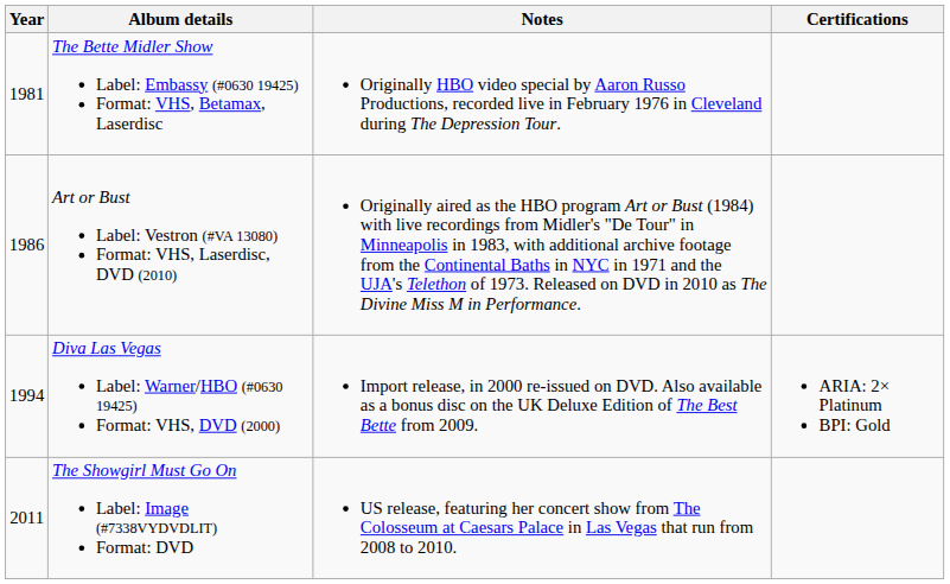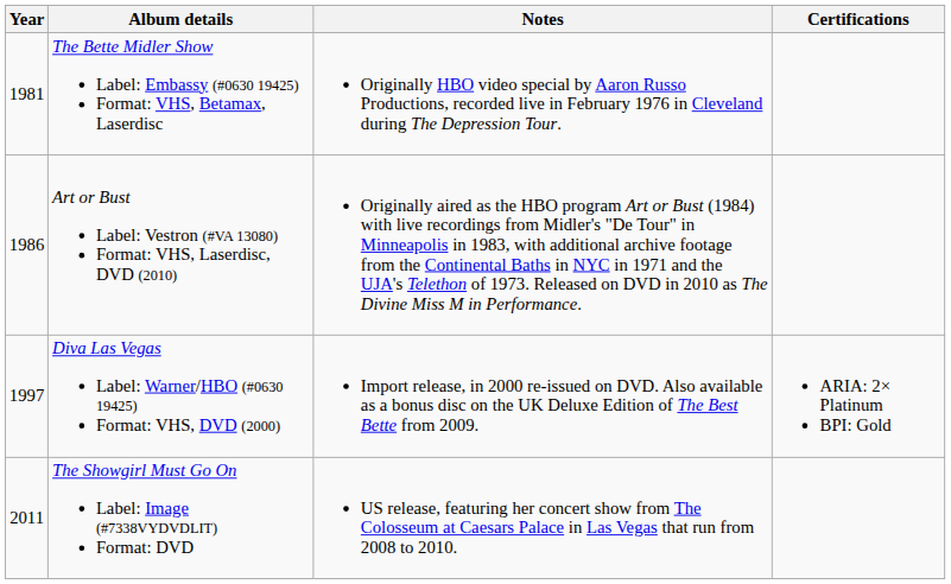 <table class="wikitable" style="text-align:left;">
 <tr>
 <th width="30">Year</th>
 <th width="235">Album details</th>
 <th width="413">Notes</th>
 <th width="150">Certifications</th>
 </tr>
 <tr>
 <td align="center">1981</td>
 <td><em><a href='#'>The Bette Midler Show</a></em><br><ul><li>Label: <a href='#'>Embassy</a> <small>(#0630 19425)</small></li><li>Format: <a href='#'>VHS</a>, <a href='#'>Betamax</a>, Laserdisc</li></ul></td>
 <td><br><ul><li>Originally <a href='#'>HBO</a> video special by <a href='#'>Aaron Russo</a> Productions, recorded live in February 1976 in <a href='#'>Cleveland</a> during <em>The Depression Tour</em>.</li></ul></td>
 <td colspan="4"></td>
 </tr>
 <tr>
 <td align="center">1986</td>
 <td><em>Art or Bust</em><br><ul><li>Label: Vestron <small>(#VA 13080)</small></li><li>Format: VHS, Laserdisc, DVD <small>(2010)</small></li></ul></td>
 <td><br><ul><li>Originally aired as the HBO program <em>Art or Bust</em> (1984) with live recordings from Midler's "De Tour" in <a href='#'>Minneapolis</a> in 1983, with additional archive footage from the <a href='#'>Continental Baths</a> in <a href='#'>NYC</a> in 1971 and the <a href='#'>UJA</a>'s <em><a href='#'>Telethon</a></em> of 1973. Released on DVD in 2010 as <em>The Divine Miss M in Performance</em>.</li></ul></td>
 <td colspan="4"></td>
 </tr>
 <tr>
-<td align="center">1994</td>
+<td align="center">1997</td>
 <td><em><a href='#'>Diva Las Vegas</a></em><br><ul><li>Label: <a href='#'>Warner</a>/<a href='#'>HBO</a> <small>(#0630 19425)</small></li><li>Format: VHS, <a href='#'>DVD</a> <small>(2000)</small></li></ul></td>
 <td><br><ul><li>Import release, in 2000 re-issued on DVD. Also available as a bonus disc on the UK Deluxe Edition of <em><a href='#'>The Best Bette</a></em> from 2009.</li></ul></td>
 <td><br><ul><li>ARIA: 2× Platinum</li><li>BPI: Gold</li></ul></td>
 </tr>
 <tr>
 <td align="center">2011</td>
 <td><em><a href='#'>The Showgirl Must Go On</a></em><br><ul><li>Label: <a href='#'>Image</a> <small>(#7338VYDVDLIT)</small></li><li>Format: DVD</li></ul></td>
 <td><br><ul><li>US release, featuring her concert show from <a href='#'>The Colosseum at Caesars Palace</a> in <a href='#'>Las Vegas</a> that run from 2008 to 2010.</li></ul></td>
 <td colspan="4"></td>
 </tr>
 </table>
